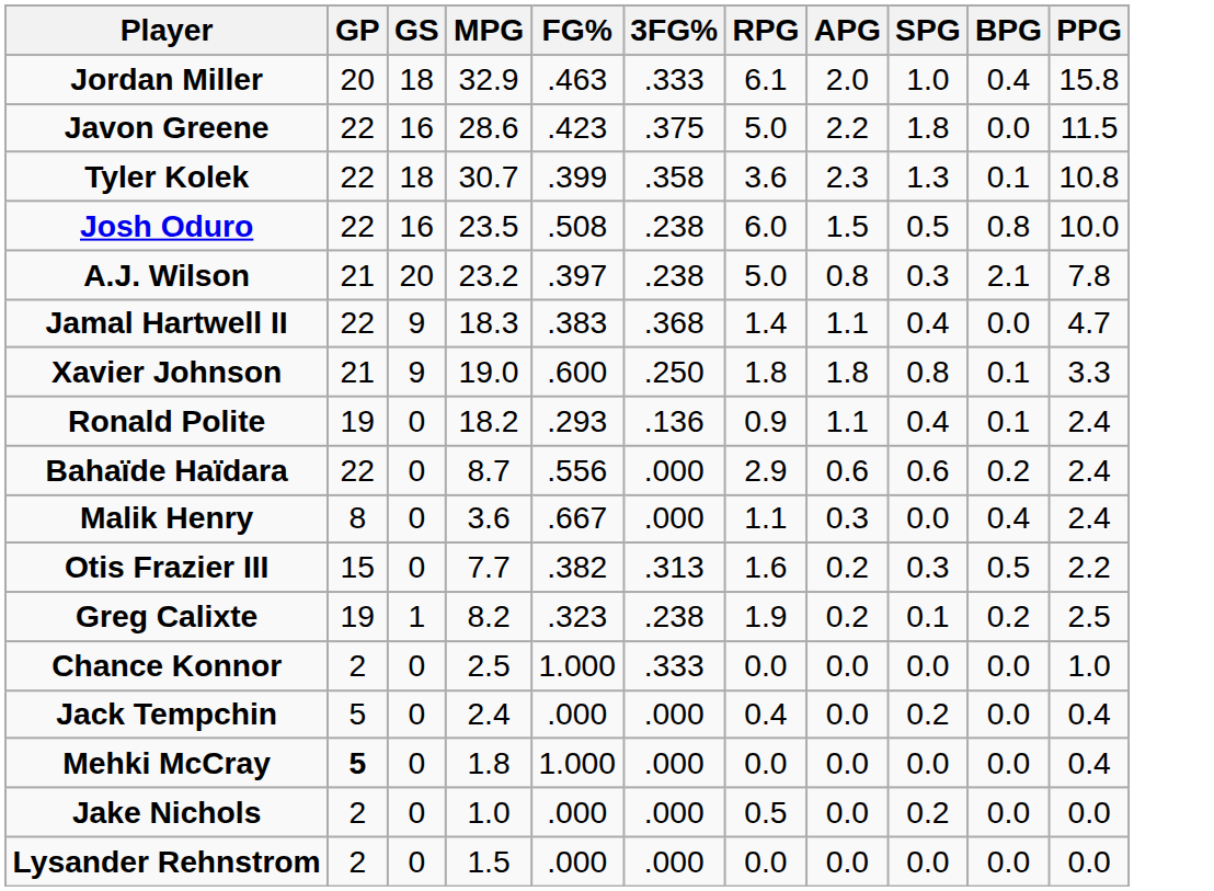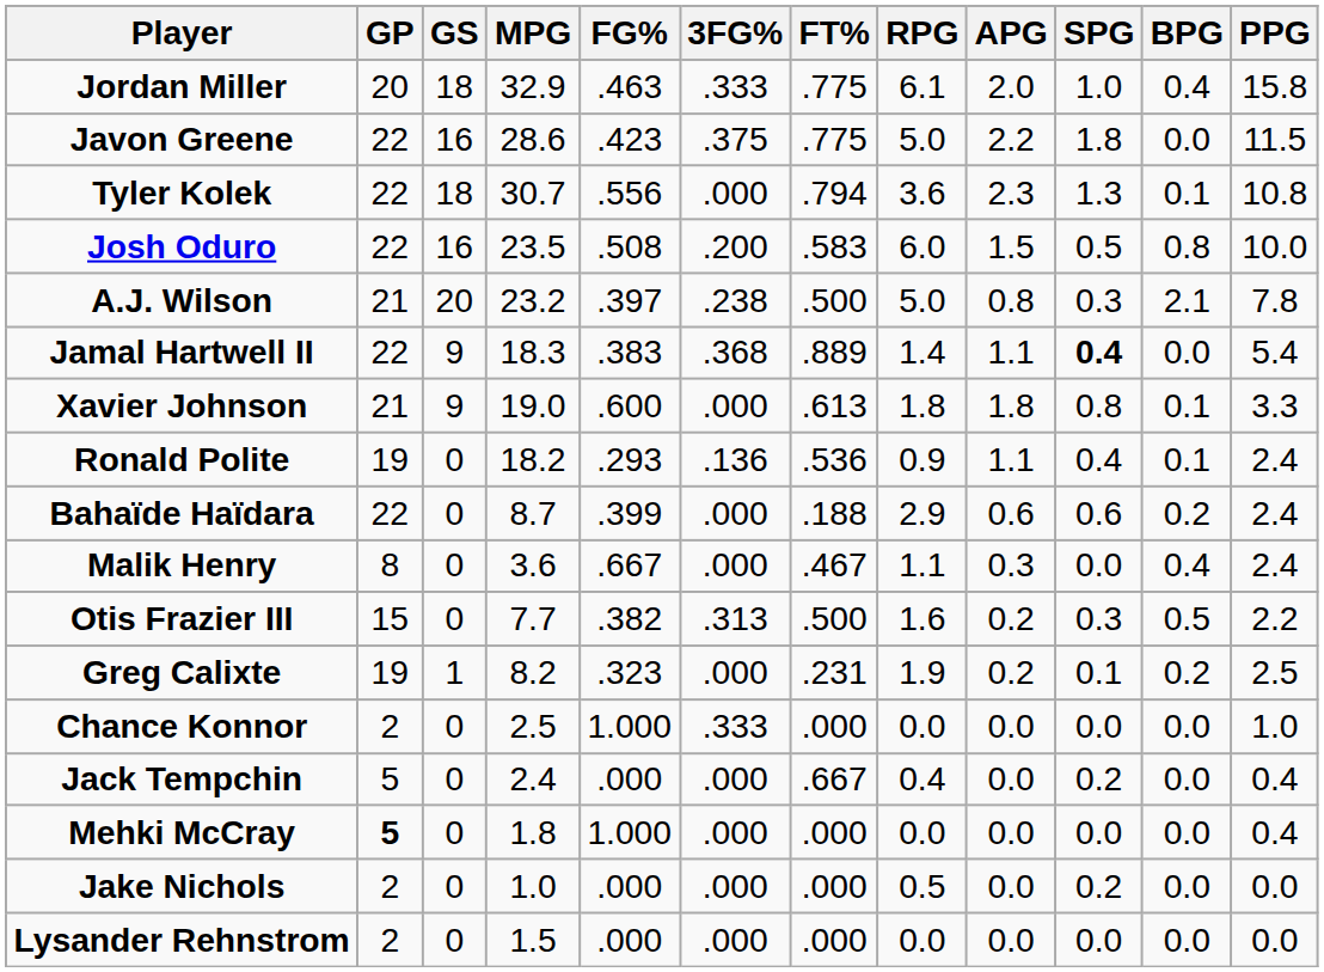 <table class="wikitable sortable" style="font-size: 90%">
 <tr>
 <th>Player</th>
 <th>GP</th>
 <th>GS</th>
 <th>MPG</th>
 <th>FG%</th>
 <th>3FG%</th>
+<th>FT%</th>
 <th>RPG</th>
 <th>APG</th>
 <th>SPG</th>
 <th>BPG</th>
 <th>PPG</th>
 </tr>
 <tr align="center" bgcolor="">
 <td><strong>Jordan Miller</strong></td>
 <td>20</td>
 <td>18</td>
 <td>32.9</td>
 <td>.463</td>
 <td>.333</td>
+<td>.775</td>
 <td>6.1</td>
 <td>2.0</td>
 <td>1.0</td>
 <td>0.4</td>
 <td>15.8</td>
 </tr>
 <tr align="center" bgcolor="">
 <td><strong>Javon Greene</strong></td>
 <td>22</td>
 <td>16</td>
 <td>28.6</td>
 <td>.423</td>
 <td>.375</td>
+<td>.775</td>
 <td>5.0</td>
 <td>2.2</td>
 <td>1.8</td>
 <td>0.0</td>
 <td>11.5</td>
 </tr>
 <tr align="center" bgcolor="">
 <td><strong>Tyler Kolek</strong></td>
 <td>22</td>
 <td>18</td>
 <td>30.7</td>
-<td>.399</td>
-<td>.358</td>
+<td>.556</td>
+<td>.000</td>
+<td>.794</td>
 <td>3.6</td>
 <td>2.3</td>
 <td>1.3</td>
 <td>0.1</td>
 <td>10.8</td>
 </tr>
 <tr align="center" bgcolor="">
 <td><strong><a href='#'>Josh Oduro</a></strong></td>
 <td>22</td>
 <td>16</td>
 <td>23.5</td>
 <td>.508</td>
-<td>.238</td>
+<td>.200</td>
+<td>.583</td>
 <td>6.0</td>
 <td>1.5</td>
 <td>0.5</td>
 <td>0.8</td>
 <td>10.0</td>
 </tr>
 <tr align="center" bgcolor="">
 <td><strong>A.J. Wilson</strong></td>
 <td>21</td>
 <td>20</td>
 <td>23.2</td>
 <td>.397</td>
 <td>.238</td>
+<td>.500</td>
 <td>5.0</td>
 <td>0.8</td>
 <td>0.3</td>
 <td>2.1</td>
 <td>7.8</td>
 </tr>
 <tr align="center" bgcolor="">
 <td><strong>Jamal Hartwell II</strong></td>
 <td>22</td>
 <td>9</td>
 <td>18.3</td>
 <td>.383</td>
 <td>.368</td>
+<td>.889</td>
 <td>1.4</td>
 <td>1.1</td>
-<td>0.4</td>
+<td><strong>0.4</strong></td>
 <td>0.0</td>
-<td>4.7</td>
+<td>5.4</td>
 </tr>
 <tr align="center" bgcolor="">
 <td><strong>Xavier Johnson</strong></td>
 <td>21</td>
 <td>9</td>
 <td>19.0</td>
 <td>.600</td>
-<td>.250</td>
+<td>.000</td>
+<td>.613</td>
 <td>1.8</td>
 <td>1.8</td>
 <td>0.8</td>
 <td>0.1</td>
 <td>3.3</td>
 </tr>
 <tr align="center" bgcolor="">
 <td><strong>Ronald Polite</strong></td>
 <td>19</td>
 <td>0</td>
 <td>18.2</td>
 <td>.293</td>
 <td>.136</td>
+<td>.536</td>
 <td>0.9</td>
 <td>1.1</td>
 <td>0.4</td>
 <td>0.1</td>
 <td>2.4</td>
 </tr>
 <tr align="center" bgcolor="">
 <td><strong>Bahaïde Haïdara</strong></td>
 <td>22</td>
 <td>0</td>
 <td>8.7</td>
-<td>.556</td>
+<td>.399</td>
 <td>.000</td>
+<td>.188</td>
 <td>2.9</td>
 <td>0.6</td>
 <td>0.6</td>
 <td>0.2</td>
 <td>2.4</td>
 </tr>
 <tr align="center" bgcolor="">
 <td><strong>Malik Henry</strong></td>
 <td>8</td>
 <td>0</td>
 <td>3.6</td>
 <td>.667</td>
 <td>.000</td>
+<td>.467</td>
 <td>1.1</td>
 <td>0.3</td>
 <td>0.0</td>
 <td>0.4</td>
 <td>2.4</td>
 </tr>
 <tr align="center" bgcolor="">
 <td><strong>Otis Frazier III</strong></td>
 <td>15</td>
 <td>0</td>
 <td>7.7</td>
 <td>.382</td>
 <td>.313</td>
+<td>.500</td>
 <td>1.6</td>
 <td>0.2</td>
 <td>0.3</td>
 <td>0.5</td>
 <td>2.2</td>
 </tr>
 <tr align="center" bgcolor="">
 <td><strong>Greg Calixte</strong></td>
 <td>19</td>
 <td>1</td>
 <td>8.2</td>
 <td>.323</td>
-<td>.238</td>
+<td>.000</td>
+<td>.231</td>
 <td>1.9</td>
 <td>0.2</td>
 <td>0.1</td>
 <td>0.2</td>
 <td>2.5</td>
 </tr>
 <tr align="center" bgcolor="">
 <td><strong>Chance Konnor</strong></td>
 <td>2</td>
 <td>0</td>
 <td>2.5</td>
 <td>1.000</td>
 <td>.333</td>
+<td>.000</td>
 <td>0.0</td>
 <td>0.0</td>
 <td>0.0</td>
 <td>0.0</td>
 <td>1.0</td>
 </tr>
 <tr align="center" bgcolor="">
 <td><strong>Jack Tempchin</strong></td>
 <td>5</td>
 <td>0</td>
 <td>2.4</td>
 <td>.000</td>
 <td>.000</td>
+<td>.667</td>
 <td>0.4</td>
 <td>0.0</td>
 <td>0.2</td>
 <td>0.0</td>
 <td>0.4</td>
 </tr>
 <tr align="center" bgcolor="">
 <td><strong>Mehki McCray</strong></td>
 <td><strong>5</strong></td>
 <td>0</td>
 <td>1.8</td>
 <td>1.000</td>
 <td>.000</td>
+<td>.000</td>
 <td>0.0</td>
 <td>0.0</td>
 <td>0.0</td>
 <td>0.0</td>
 <td>0.4</td>
 </tr>
 <tr align="center" bgcolor="">
 <td><strong>Jake Nichols</strong></td>
 <td>2</td>
 <td>0</td>
 <td>1.0</td>
+<td>.000</td>
 <td>.000</td>
 <td>.000</td>
 <td>0.5</td>
 <td>0.0</td>
 <td>0.2</td>
 <td>0.0</td>
 <td>0.0</td>
 </tr>
 <tr align="center" bgcolor="">
 <td><strong>Lysander Rehnstrom</strong></td>
 <td>2</td>
 <td>0</td>
 <td>1.5</td>
 <td>.000</td>
 <td>.000</td>
+<td>.000</td>
 <td>0.0</td>
 <td>0.0</td>
 <td>0.0</td>
 <td>0.0</td>
 <td>0.0</td>
 </tr>
 </table>
